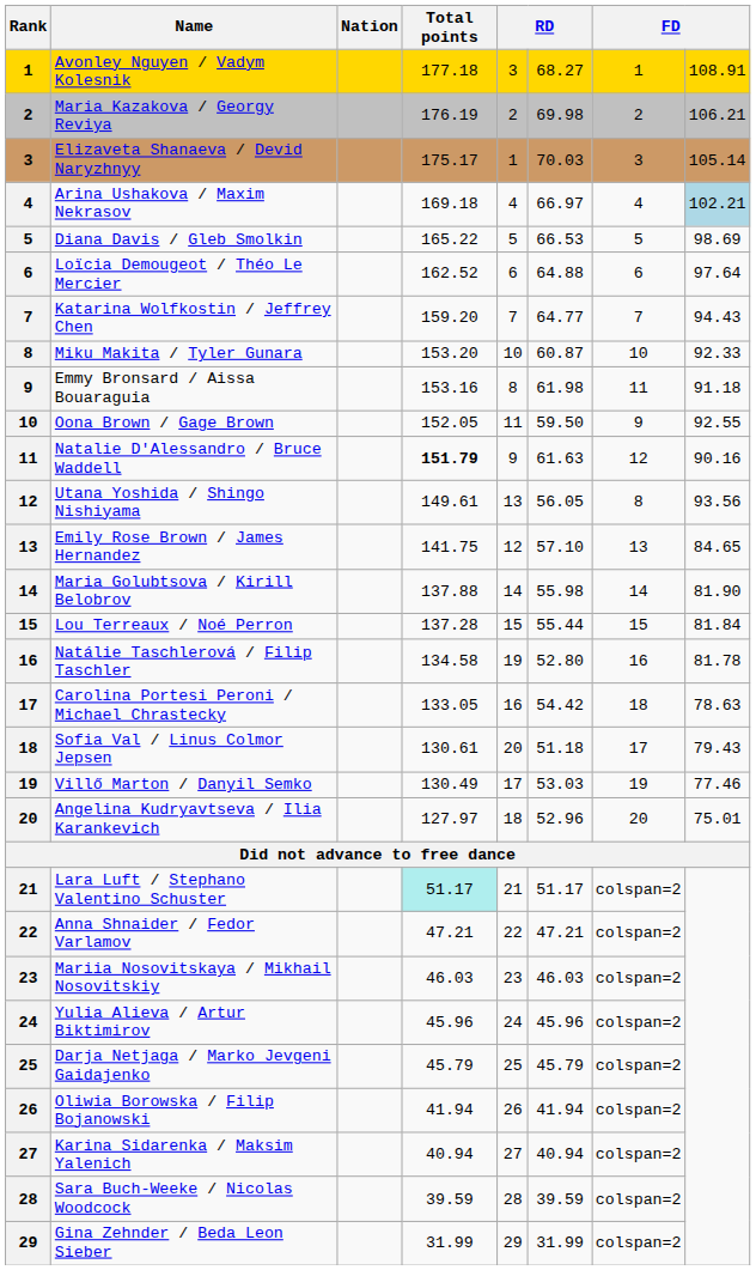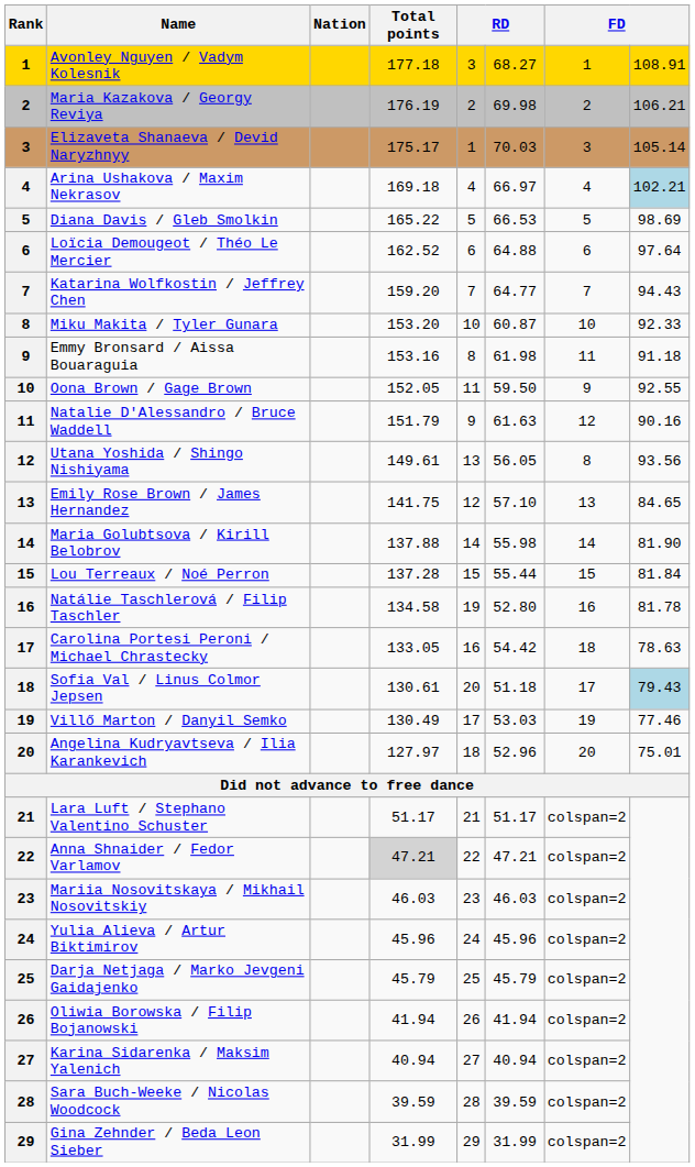 <table class="wikitable sortable">
 <tr>
 <th>Rank</th>
 <th>Name</th>
 <th>Nation</th>
 <th>Total points</th>
 <th colspan="2" width="80px"><a href='#'>RD</a></th>
 <th colspan="2" width="80px"><a href='#'>FD</a></th>
 </tr>
 <tr bgcolor="gold">
 <td align="center"><strong>1</strong></td>
 <td><a href='#'>Avonley Nguyen</a> / <a href='#'>Vadym Kolesnik</a></td>
 <td></td>
 <td align="center">177.18</td>
 <td align="center">3</td>
 <td align="center">68.27</td>
 <td align="center">1</td>
 <td align="center">108.91</td>
 </tr>
 <tr bgcolor="silver">
 <td align="center"><strong>2</strong></td>
 <td><a href='#'>Maria Kazakova</a> / <a href='#'>Georgy Reviya</a></td>
 <td></td>
 <td align="center">176.19</td>
 <td align="center">2</td>
 <td align="center">69.98</td>
 <td align="center">2</td>
 <td align="center">106.21</td>
 </tr>
 <tr bgcolor="cc9966">
 <td align="center"><strong>3</strong></td>
 <td><a href='#'>Elizaveta Shanaeva</a> / <a href='#'>Devid Naryzhnyy</a></td>
 <td></td>
 <td align="center">175.17</td>
 <td align="center">1</td>
 <td align="center">70.03</td>
 <td align="center">3</td>
 <td align="center">105.14</td>
 </tr>
 <tr>
 <th>4</th>
 <td><a href='#'>Arina Ushakova</a> / <a href='#'>Maxim Nekrasov</a></td>
 <td></td>
 <td align="center">169.18</td>
 <td align="center">4</td>
 <td align="center">66.97</td>
 <td align="center">4</td>
 <td align="center" style="background: lightblue;">102.21</td>
 </tr>
 <tr>
 <th>5</th>
 <td><a href='#'>Diana Davis</a> / <a href='#'>Gleb Smolkin</a></td>
 <td></td>
 <td align="center">165.22</td>
 <td align="center">5</td>
 <td align="center">66.53</td>
 <td align="center">5</td>
 <td align="center">98.69</td>
 </tr>
 <tr>
 <th>6</th>
 <td><a href='#'>Loïcia Demougeot</a> / <a href='#'>Théo Le Mercier</a></td>
 <td></td>
 <td align="center">162.52</td>
 <td align="center">6</td>
 <td align="center">64.88</td>
 <td align="center">6</td>
 <td align="center">97.64</td>
 </tr>
 <tr>
 <th>7</th>
 <td><a href='#'>Katarina Wolfkostin</a> / <a href='#'>Jeffrey Chen</a></td>
 <td></td>
 <td align="center">159.20</td>
 <td align="center">7</td>
 <td align="center">64.77</td>
 <td align="center">7</td>
 <td align="center">94.43</td>
 </tr>
 <tr>
 <th>8</th>
 <td><a href='#'>Miku Makita</a> / <a href='#'>Tyler Gunara</a></td>
 <td></td>
 <td align="center">153.20</td>
 <td align="center">10</td>
 <td align="center">60.87</td>
 <td align="center">10</td>
 <td align="center">92.33</td>
 </tr>
 <tr>
 <th>9</th>
 <td>Emmy Bronsard / Aissa Bouaraguia</td>
 <td></td>
 <td align="center">153.16</td>
 <td align="center">8</td>
 <td align="center">61.98</td>
 <td align="center">11</td>
 <td align="center">91.18</td>
 </tr>
 <tr>
 <th>10</th>
 <td><a href='#'>Oona Brown</a> / <a href='#'>Gage Brown</a></td>
 <td></td>
 <td align="center">152.05</td>
 <td align="center">11</td>
 <td align="center">59.50</td>
 <td align="center">9</td>
 <td align="center">92.55</td>
 </tr>
 <tr>
 <th>11</th>
 <td><a href='#'>Natalie D'Alessandro</a> / <a href='#'>Bruce Waddell</a></td>
 <td></td>
-<td align="center"><strong>151.79</strong></td>
+<td align="center">151.79</td>
 <td align="center">9</td>
 <td align="center">61.63</td>
 <td align="center">12</td>
 <td align="center">90.16</td>
 </tr>
 <tr>
 <th>12</th>
 <td><a href='#'>Utana Yoshida</a> / <a href='#'>Shingo Nishiyama</a></td>
 <td></td>
 <td align="center">149.61</td>
 <td align="center">13</td>
 <td align="center">56.05</td>
 <td align="center">8</td>
 <td align="center">93.56</td>
 </tr>
 <tr>
 <th>13</th>
 <td><a href='#'>Emily Rose Brown</a> / <a href='#'>James Hernandez</a></td>
 <td></td>
 <td align="center">141.75</td>
 <td align="center">12</td>
 <td align="center">57.10</td>
 <td align="center">13</td>
 <td align="center">84.65</td>
 </tr>
 <tr>
 <th>14</th>
 <td><a href='#'>Maria Golubtsova</a> / <a href='#'>Kirill Belobrov</a></td>
 <td></td>
 <td align="center">137.88</td>
 <td align="center">14</td>
 <td align="center">55.98</td>
 <td align="center">14</td>
 <td align="center">81.90</td>
 </tr>
 <tr>
 <th>15</th>
 <td><a href='#'>Lou Terreaux</a> / <a href='#'>Noé Perron</a></td>
 <td></td>
 <td align="center">137.28</td>
 <td align="center">15</td>
 <td align="center">55.44</td>
 <td align="center">15</td>
 <td align="center">81.84</td>
 </tr>
 <tr>
 <th>16</th>
 <td><a href='#'>Natálie Taschlerová</a> / <a href='#'>Filip Taschler</a></td>
 <td></td>
 <td align="center">134.58</td>
 <td align="center">19</td>
 <td align="center">52.80</td>
 <td align="center">16</td>
 <td align="center">81.78</td>
 </tr>
 <tr>
 <th>17</th>
 <td><a href='#'>Carolina Portesi Peroni</a> / <a href='#'>Michael Chrastecky</a></td>
 <td></td>
 <td align="center">133.05</td>
 <td align="center">16</td>
 <td align="center">54.42</td>
 <td align="center">18</td>
 <td align="center">78.63</td>
 </tr>
 <tr>
 <th>18</th>
 <td><a href='#'>Sofia Val</a> / <a href='#'>Linus Colmor Jepsen</a></td>
 <td></td>
 <td align="center">130.61</td>
 <td align="center">20</td>
 <td align="center">51.18</td>
 <td align="center">17</td>
-<td align="center">79.43</td>
+<td align="center" style="background: lightblue;">79.43</td>
 </tr>
 <tr>
 <th>19</th>
 <td><a href='#'>Villő Marton</a> / <a href='#'>Danyil Semko</a></td>
 <td></td>
 <td align="center">130.49</td>
 <td align="center">17</td>
 <td align="center">53.03</td>
 <td align="center">19</td>
 <td align="center">77.46</td>
 </tr>
 <tr>
 <th>20</th>
 <td><a href='#'>Angelina Kudryavtseva</a> / <a href='#'>Ilia Karankevich</a></td>
 <td></td>
 <td align="center">127.97</td>
 <td align="center">18</td>
 <td align="center">52.96</td>
 <td align="center">20</td>
 <td align="center">75.01</td>
 </tr>
 <tr>
 <th colspan=8>Did not advance to free dance</th>
 </tr>
 <tr>
 <th>21</th>
 <td><a href='#'>Lara Luft</a> / <a href='#'>Stephano Valentino Schuster</a></td>
 <td></td>
-<td align="center" style="background: paleturquoise;">51.17</td>
+<td align="center">51.17</td>
 <td align="center">21</td>
 <td align="center">51.17</td>
 <td>colspan=2 </td>
 </tr>
 <tr>
 <th>22</th>
 <td><a href='#'>Anna Shnaider</a> / <a href='#'>Fedor Varlamov</a></td>
 <td></td>
-<td align="center">47.21</td>
+<td align="center" style="background: lightgrey;">47.21</td>
 <td align="center">22</td>
 <td align="center">47.21</td>
 <td>colspan=2 </td>
 </tr>
 <tr>
 <th>23</th>
 <td><a href='#'>Mariia Nosovitskaya</a> / <a href='#'>Mikhail Nosovitskiy</a></td>
 <td></td>
 <td align="center">46.03</td>
 <td align="center">23</td>
 <td align="center">46.03</td>
 <td>colspan=2 </td>
 </tr>
 <tr>
 <th>24</th>
 <td><a href='#'>Yulia Alieva</a> / <a href='#'>Artur Biktimirov</a></td>
 <td></td>
 <td align="center">45.96</td>
 <td align="center">24</td>
 <td align="center">45.96</td>
 <td>colspan=2 </td>
 </tr>
 <tr>
 <th>25</th>
 <td><a href='#'>Darja Netjaga</a> / <a href='#'>Marko Jevgeni Gaidajenko</a></td>
 <td></td>
 <td align="center">45.79</td>
 <td align="center">25</td>
 <td align="center">45.79</td>
 <td>colspan=2 </td>
 </tr>
 <tr>
 <th>26</th>
 <td><a href='#'>Oliwia Borowska</a> / <a href='#'>Filip Bojanowski</a></td>
 <td></td>
 <td align="center">41.94</td>
 <td align="center">26</td>
 <td align="center">41.94</td>
 <td>colspan=2 </td>
 </tr>
 <tr>
 <th>27</th>
 <td><a href='#'>Karina Sidarenka</a> / <a href='#'>Maksim Yalenich</a></td>
 <td></td>
 <td align="center">40.94</td>
 <td align="center">27</td>
 <td align="center">40.94</td>
 <td>colspan=2 </td>
 </tr>
 <tr>
 <th>28</th>
 <td><a href='#'>Sara Buch-Weeke</a> / <a href='#'>Nicolas Woodcock</a></td>
 <td></td>
 <td align="center">39.59</td>
 <td align="center">28</td>
 <td align="center">39.59</td>
 <td>colspan=2 </td>
 </tr>
 <tr>
 <th>29</th>
 <td><a href='#'>Gina Zehnder</a> / <a href='#'>Beda Leon Sieber</a></td>
 <td></td>
 <td align="center">31.99</td>
 <td align="center">29</td>
 <td align="center">31.99</td>
 <td>colspan=2 </td>
 </tr>
 </table>
